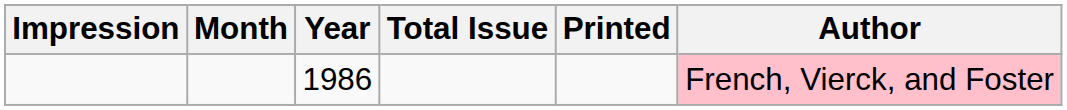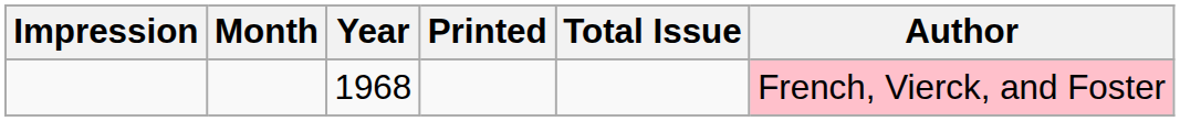 <table class="wikitable">
 <tr>
 <th>Impression</th>
 <th>Month</th>
 <th>Year</th>
+<th>Printed</th>
 <th>Total Issue</th>
-<th>Printed</th>
 <th>Author</th>
 </tr>
 <tr>
 <td></td>
 <td></td>
-<td>1986</td>
+<td>1968</td>
 <td></td>
 <td></td>
 <td style="background: pink;">French, Vierck, and Foster</td>
 </tr>
 </table>
